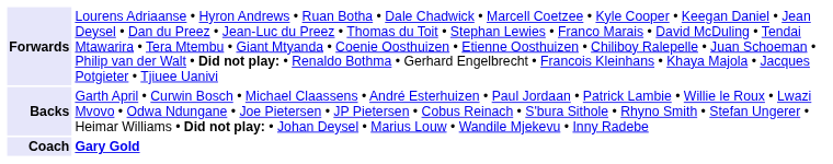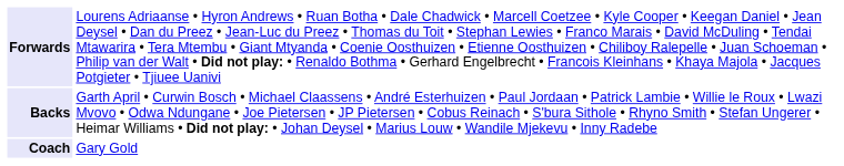 <table cellpadding="2" style="border: 1px solid white; font-size:90%;">
 <tr>
 <td style="text-align:right;" bgcolor="lavender"><strong>Forwards</strong></td>
 <td style="text-align:left;"><a href='#'>Lourens Adriaanse</a> • <a href='#'>Hyron Andrews</a> • <a href='#'>Ruan Botha</a> • <a href='#'>Dale Chadwick</a> • <a href='#'>Marcell Coetzee</a> • <a href='#'>Kyle Cooper</a> • <a href='#'>Keegan Daniel</a> • <a href='#'>Jean Deysel</a> • <a href='#'>Dan du Preez</a> • <a href='#'>Jean-Luc du Preez</a> • <a href='#'>Thomas du Toit</a> • <a href='#'>Stephan Lewies</a> • <a href='#'>Franco Marais</a> • <a href='#'>David McDuling</a> • <a href='#'>Tendai Mtawarira</a> • <a href='#'>Tera Mtembu</a> • <a href='#'>Giant Mtyanda</a> • <a href='#'>Coenie Oosthuizen</a> • <a href='#'>Etienne Oosthuizen</a> • <a href='#'>Chiliboy Ralepelle</a> • <a href='#'>Juan Schoeman</a> • <a href='#'>Philip van der Walt</a> • <strong>Did not play:</strong> • <a href='#'>Renaldo Bothma</a> • Gerhard Engelbrecht • <a href='#'>Francois Kleinhans</a> • <a href='#'>Khaya Majola</a> • <a href='#'>Jacques Potgieter</a> • <a href='#'>Tjiuee Uanivi</a></td>
 </tr>
 <tr>
 <td style="text-align:right;" bgcolor="lavender"><strong>Backs</strong></td>
 <td style="text-align:left;"><a href='#'>Garth April</a> • <a href='#'>Curwin Bosch</a> • <a href='#'>Michael Claassens</a> • <a href='#'>André Esterhuizen</a> • <a href='#'>Paul Jordaan</a> • <a href='#'>Patrick Lambie</a> • <a href='#'>Willie le Roux</a> • <a href='#'>Lwazi Mvovo</a> • <a href='#'>Odwa Ndungane</a> • <a href='#'>Joe Pietersen</a> • <a href='#'>JP Pietersen</a> • <a href='#'>Cobus Reinach</a> • <a href='#'>S'bura Sithole</a> • <a href='#'>Rhyno Smith</a> • <a href='#'>Stefan Ungerer</a> • Heimar Williams • <strong>Did not play:</strong> • <a href='#'>Johan Deysel</a> • <a href='#'>Marius Louw</a> • <a href='#'>Wandile Mjekevu</a> • <a href='#'>Inny Radebe</a></td>
 </tr>
 <tr>
 <td style="text-align:right;" bgcolor="lavender"><strong>Coach</strong></td>
-<td style="text-align:left;"><strong><a href='#'>Gary Gold</a></strong></td>
+<td style="text-align:left;"><a href='#'>Gary Gold</a></td>
 </tr>
 </table>
